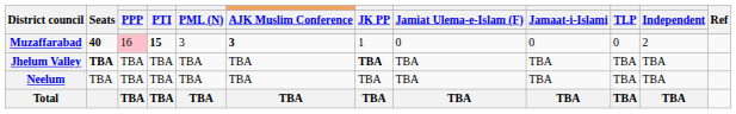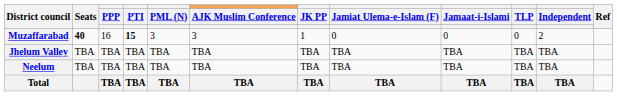 <table class="wikitable">
 <tr>
 <th rowspan="3">District council</th>
 <th rowspan="3">Seats</th>
 <th style="background-color: "></th>
 <th style="background-color: "></th>
 <th style="background-color: "></th>
 <td bgcolor="#f4a460"></td>
 <th style="background-color: "></th>
 <th style="background-color: "></th>
 <th style="background-color: "></th>
 <th style="background-color: "></th>
 <th style="background-color: "></th>
 <th rowspan="3">Ref</th>
 </tr>
 <tr>
 <th><a href='#'>PPP</a></th>
 <th><a href='#'>PTI</a></th>
 <th><a href='#'>PML (N)</a></th>
 <th><a href='#'>AJK Muslim Conference</a></th>
 <th><a href='#'>JK PP</a></th>
 <th><a href='#'>Jamiat Ulema-e-Islam (F)</a></th>
 <th><a href='#'>Jamaat-i-Islami</a></th>
 <th><a href='#'>TLP</a></th>
 <th><a href='#'>Independent</a></th>
 </tr>
 <tr>
 <th></th>
 <th></th>
 <th></th>
 <th></th>
 <th></th>
 <th></th>
 <th></th>
 <th></th>
 <th></th>
 </tr>
 <tr>
 <th><a href='#'>Muzaffarabad</a></th>
 <td><strong>40</strong></td>
-<td style="background: pink;">16</td>
+<td>16</td>
 <td><strong>15</strong></td>
 <td>3</td>
-<td><strong>3</strong></td>
+<td>3</td>
 <td>1</td>
 <td>0</td>
 <td>0</td>
 <td>0</td>
 <td>2</td>
 <td></td>
 </tr>
 <tr>
 <th><a href='#'>Jhelum Valley</a></th>
-<td><strong>TBA</strong></td>
 <td>TBA</td>
 <td>TBA</td>
 <td>TBA</td>
 <td>TBA</td>
-<td><strong>TBA</strong></td>
+<td>TBA</td>
+<td>TBA</td>
 <td>TBA</td>
 <td>TBA</td>
 <td>TBA</td>
 <td>TBA</td>
 <td></td>
 </tr>
 <tr>
 <th><a href='#'>Neelum</a></th>
 <td>TBA</td>
 <td>TBA</td>
 <td>TBA</td>
 <td>TBA</td>
 <td>TBA</td>
 <td>TBA</td>
 <td>TBA</td>
 <td>TBA</td>
 <td>TBA</td>
 <td>TBA</td>
 <td></td>
 </tr>
 <tr>
 <th><strong>Total</strong></th>
 <th></th>
 <th>TBA</th>
 <th>TBA</th>
 <th>TBA</th>
 <th>TBA</th>
 <th>TBA</th>
 <th>TBA</th>
 <th>TBA</th>
 <th>TBA</th>
 <th>TBA</th>
 <td></td>
 </tr>
 </table>
